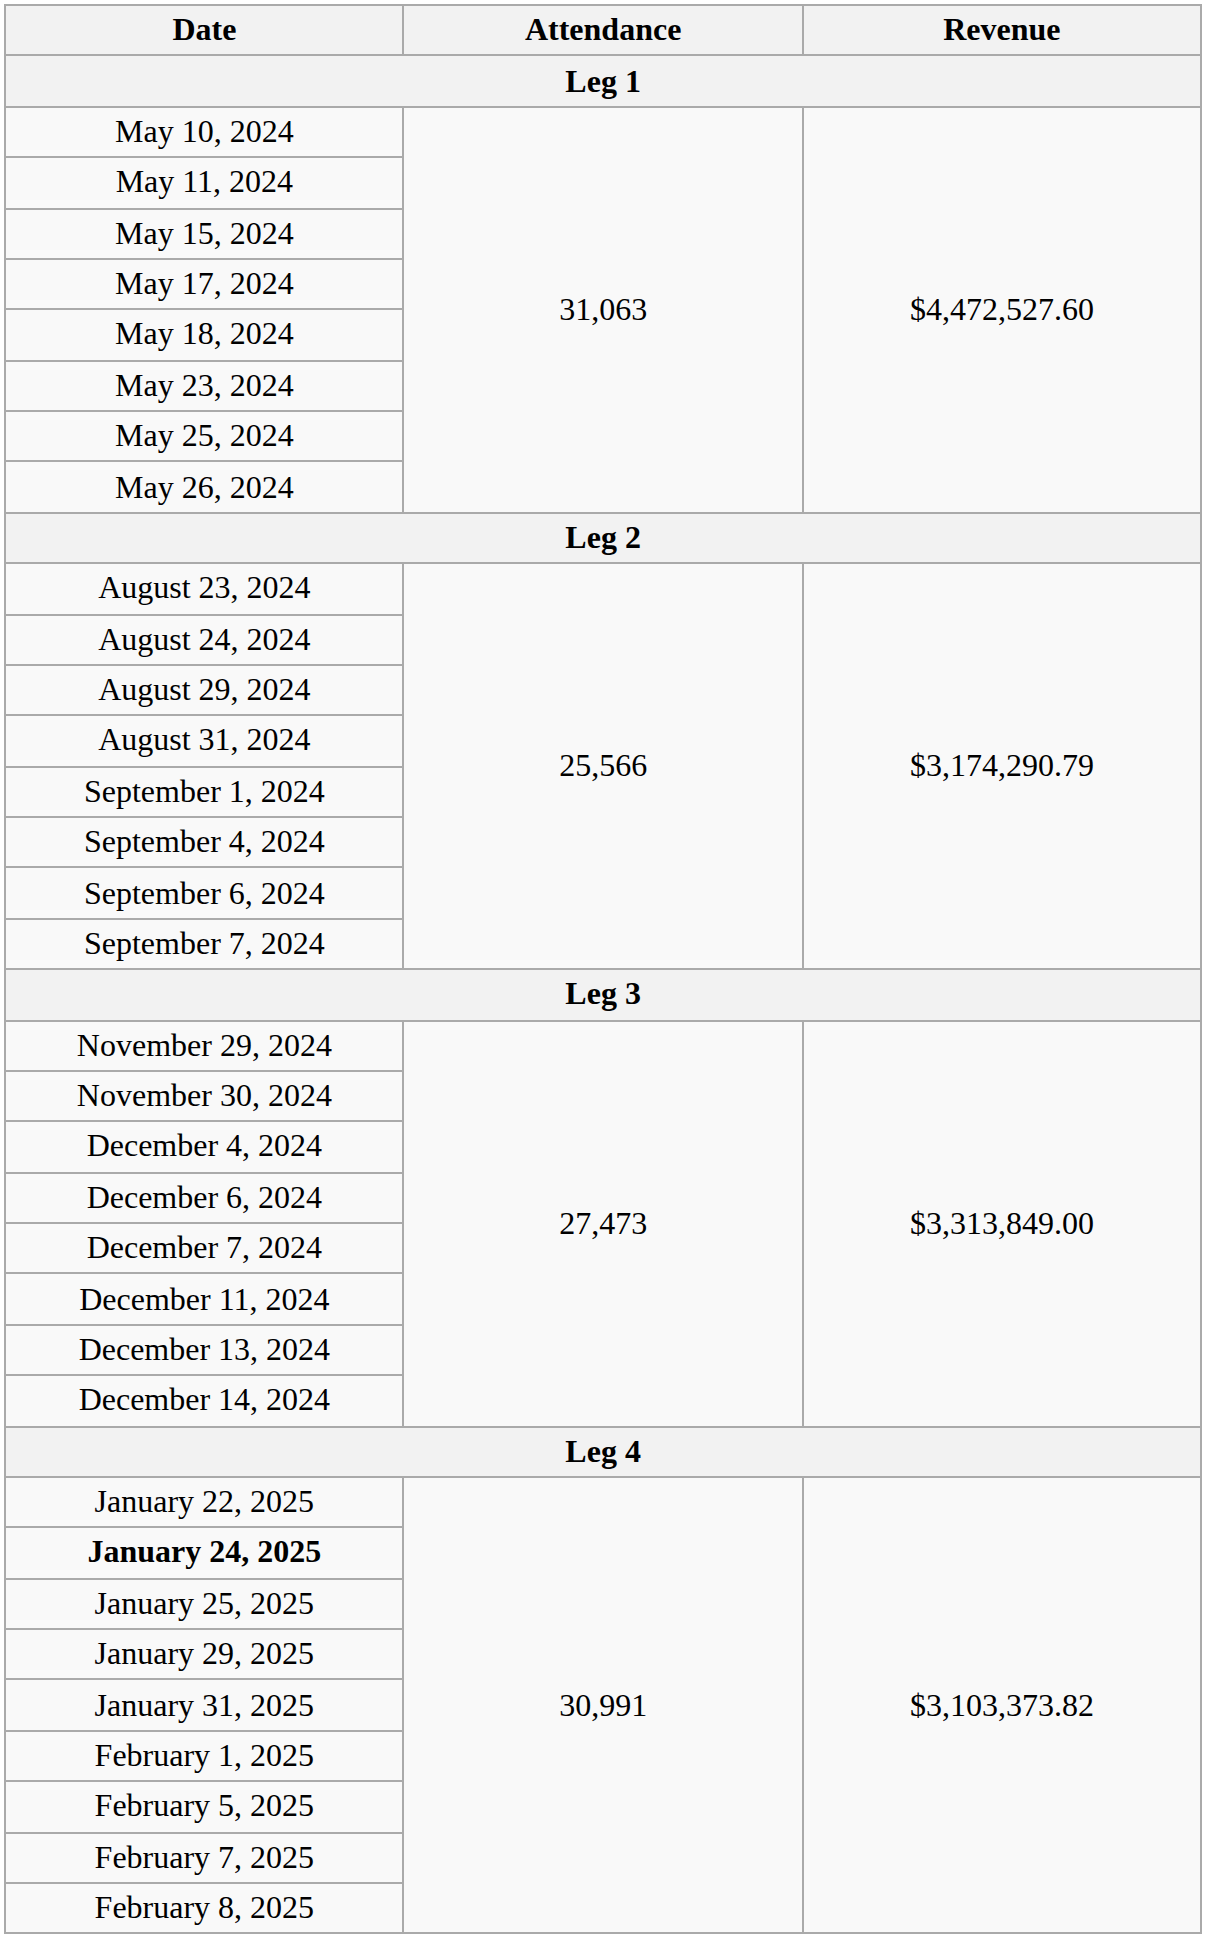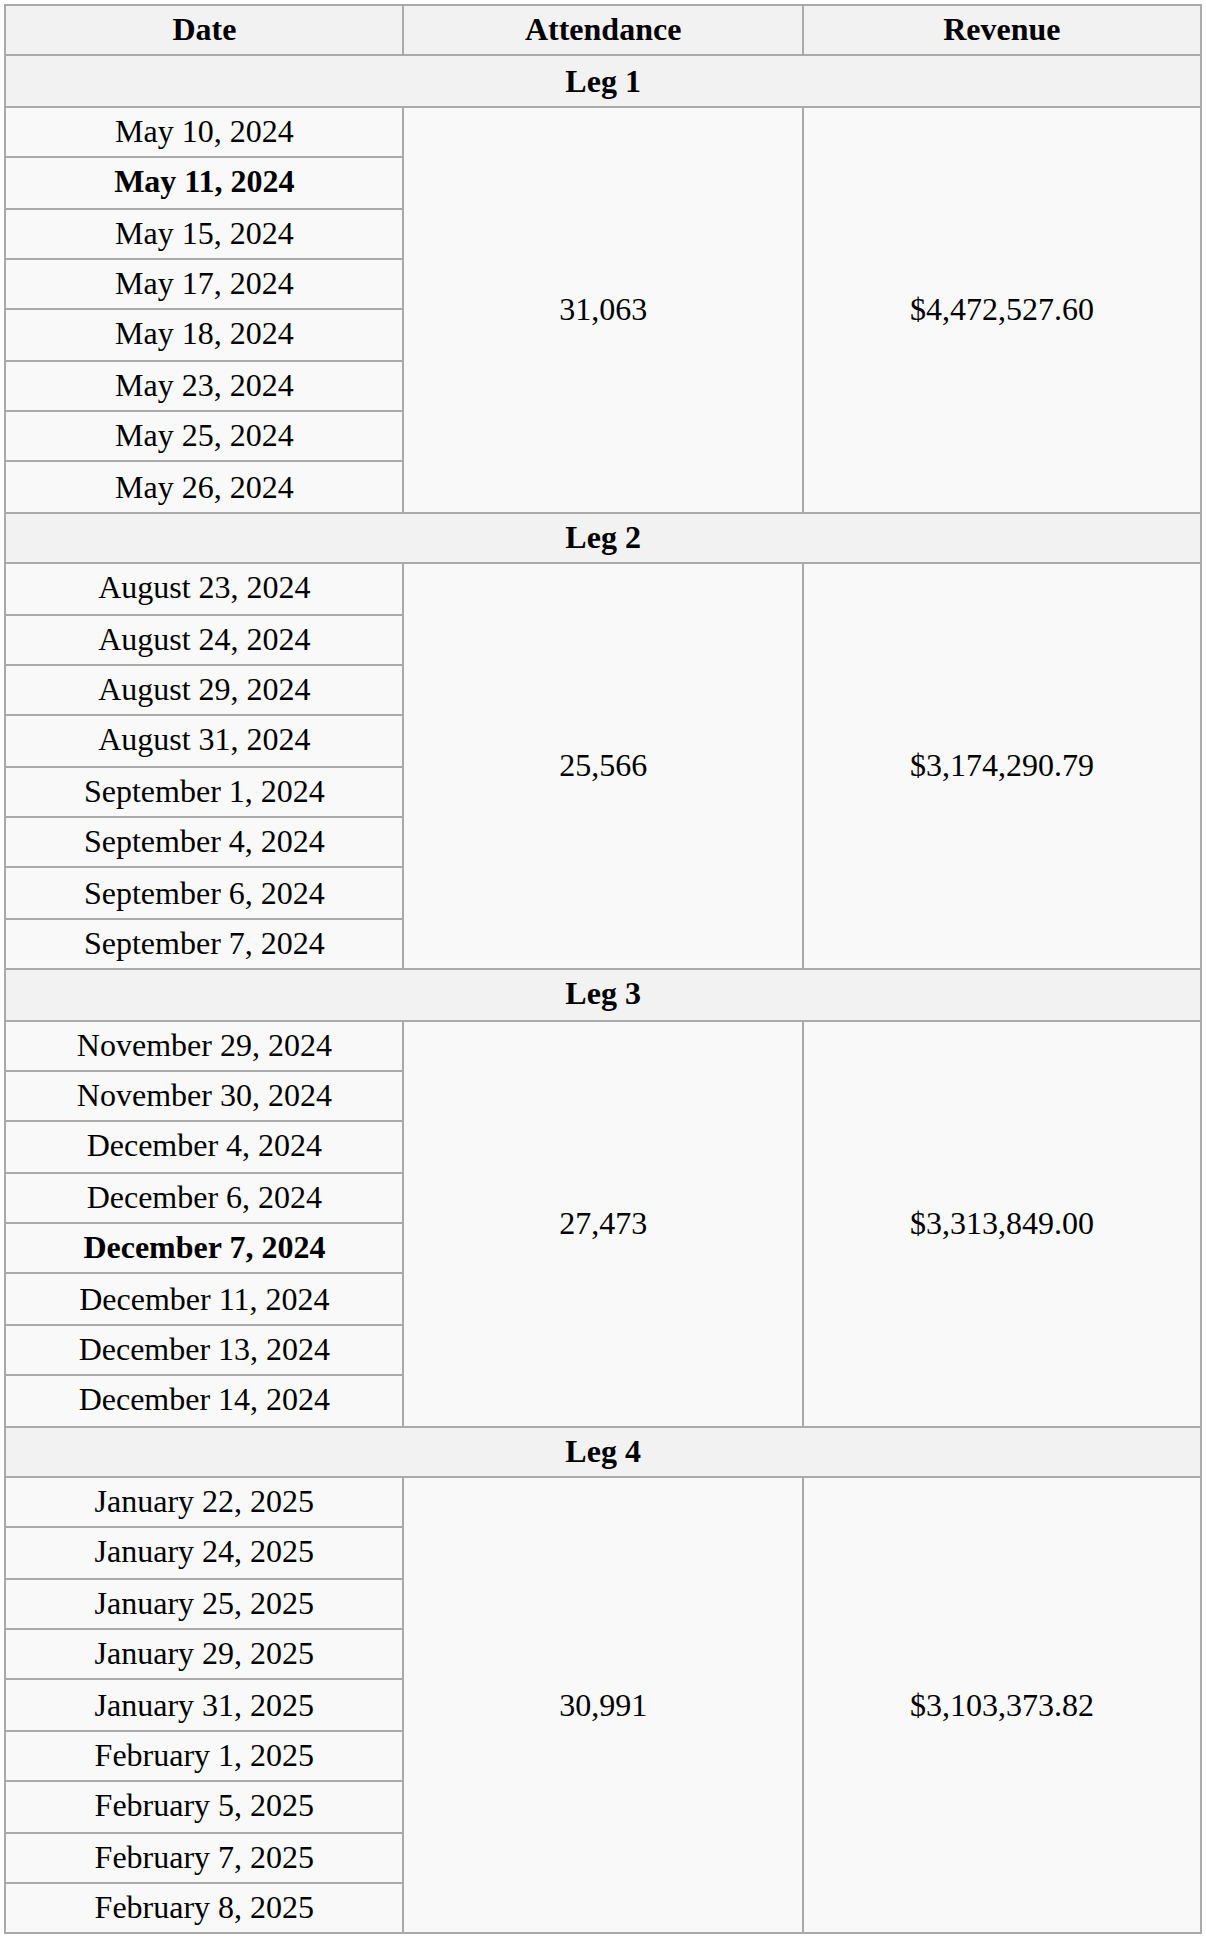 <table class="wikitable plainrowheaders" style="text-align:center;">
 <tr>
 <th scope="col" style="width:12em;">Date</th>
 <th scope="col" style="width:12em;">Attendance</th>
 <th scope="col" style="width:12em;">Revenue</th>
 </tr>
 <tr>
 <th colspan="3">Leg 1</th>
 </tr>
 <tr>
 <td>May 10, 2024</td>
 <td rowspan="8">31,063</td>
 <td rowspan="8">$4,472,527.60</td>
 </tr>
 <tr>
-<td>May 11, 2024</td>
+<td><strong>May 11, 2024</strong></td>
 </tr>
 <tr>
 <td>May 15, 2024</td>
 </tr>
 <tr>
 <td>May 17, 2024</td>
 </tr>
 <tr>
 <td>May 18, 2024</td>
 </tr>
 <tr>
 <td>May 23, 2024</td>
 </tr>
 <tr>
 <td>May 25, 2024</td>
 </tr>
 <tr>
 <td>May 26, 2024</td>
 </tr>
 <tr>
 <th colspan="3">Leg 2</th>
 </tr>
 <tr>
 <td>August 23, 2024</td>
 <td rowspan="8">25,566</td>
 <td rowspan="8">$3,174,290.79</td>
 </tr>
 <tr>
 <td>August 24, 2024</td>
 </tr>
 <tr>
 <td>August 29, 2024</td>
 </tr>
 <tr>
 <td>August 31, 2024</td>
 </tr>
 <tr>
 <td>September 1, 2024</td>
 </tr>
 <tr>
 <td>September 4, 2024</td>
 </tr>
 <tr>
 <td>September 6, 2024</td>
 </tr>
 <tr>
 <td>September 7, 2024</td>
 </tr>
 <tr>
 <th colspan="3">Leg 3</th>
 </tr>
 <tr>
 <td>November 29, 2024</td>
 <td rowspan="8">27,473</td>
 <td rowspan="8">$3,313,849.00</td>
 </tr>
 <tr>
 <td>November 30, 2024</td>
 </tr>
 <tr>
 <td>December 4, 2024</td>
 </tr>
 <tr>
 <td>December 6, 2024</td>
 </tr>
 <tr>
-<td>December 7, 2024</td>
+<td><strong>December 7, 2024</strong></td>
 </tr>
 <tr>
 <td>December 11, 2024</td>
 </tr>
 <tr>
 <td>December 13, 2024</td>
 </tr>
 <tr>
 <td>December 14, 2024</td>
 </tr>
 <tr>
 <th colspan="3">Leg 4</th>
 </tr>
 <tr>
 <td>January 22, 2025</td>
 <td rowspan="9">30,991</td>
 <td rowspan="9">$3,103,373.82</td>
 </tr>
 <tr>
-<td colspan="1"><strong>January 24, 2025</strong></td>
+<td colspan="1">January 24, 2025</td>
 </tr>
 <tr>
 <td colspan="1">January 25, 2025</td>
 </tr>
 <tr>
 <td colspan="1">January 29, 2025</td>
 </tr>
 <tr>
 <td colspan="1">January 31, 2025</td>
 </tr>
 <tr>
 <td colspan="1">February 1, 2025</td>
 </tr>
 <tr>
 <td>February 5, 2025</td>
 </tr>
 <tr>
 <td>February 7, 2025</td>
 </tr>
 <tr>
 <td>February 8, 2025</td>
 </tr>
 </table>
